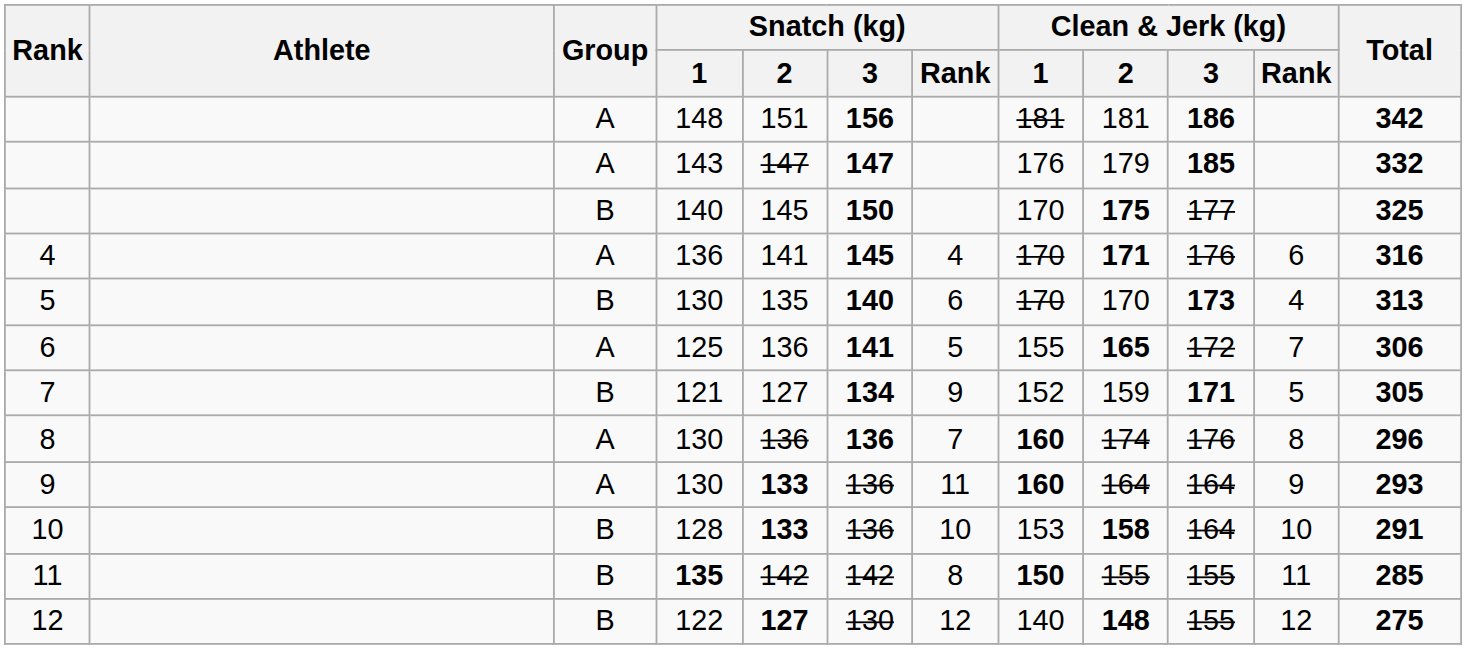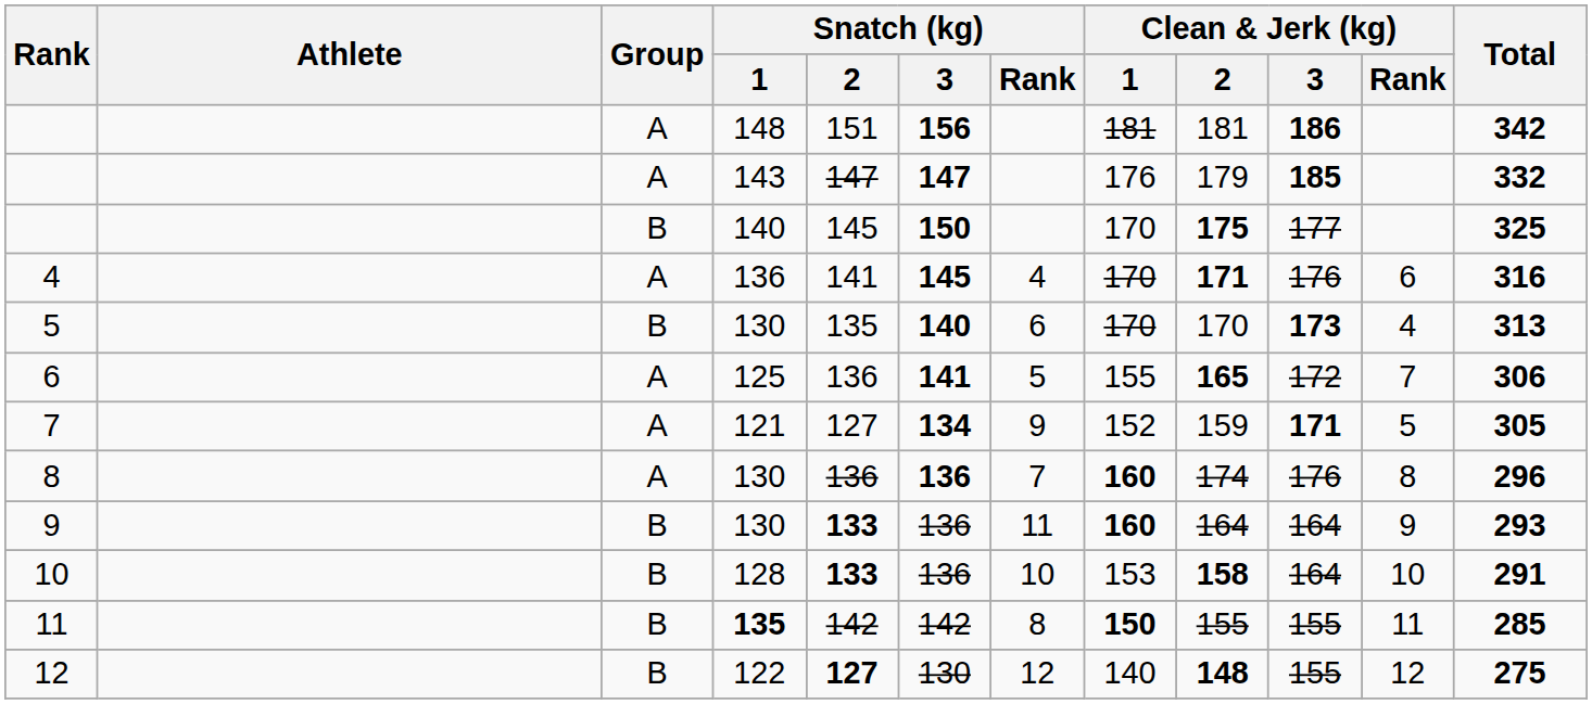 <table class = "wikitable" style="text-align:center;">
 <tr>
 <th rowspan=2 width=40>Rank</th>
 <th rowspan=2 width=250>Athlete</th>
 <th rowspan=2 width=50>Group</th>
 <th colspan=4>Snatch (kg)</th>
 <th colspan=4>Clean & Jerk (kg)</th>
 <th rowspan=2 width=60>Total</th>
 </tr>
 <tr>
 <th width=40>1</th>
 <th width=40>2</th>
 <th width=40>3</th>
 <th width=40>Rank</th>
 <th width=40>1</th>
 <th width=40>2</th>
 <th width=40>3</th>
 <th width=40>Rank</th>
 </tr>
 <tr>
 <td></td>
 <td align=left></td>
 <td>A</td>
 <td>148</td>
 <td>151</td>
 <td><strong>156</strong></td>
 <td></td>
 <td><s>181</s></td>
 <td>181</td>
 <td><strong>186</strong></td>
 <td></td>
 <td><strong>342</strong></td>
 </tr>
 <tr>
 <td></td>
 <td align=left></td>
 <td>A</td>
 <td>143</td>
 <td><s>147</s></td>
 <td><strong>147</strong></td>
 <td></td>
 <td>176</td>
 <td>179</td>
 <td><strong>185</strong></td>
 <td></td>
 <td><strong>332</strong></td>
 </tr>
 <tr>
 <td></td>
 <td align=left></td>
 <td>B</td>
 <td>140</td>
 <td>145</td>
 <td><strong>150</strong></td>
 <td></td>
 <td>170</td>
 <td><strong>175</strong></td>
 <td><s>177</s></td>
 <td></td>
 <td><strong>325</strong></td>
 </tr>
 <tr>
 <td>4</td>
 <td align=left></td>
 <td>A</td>
 <td>136</td>
 <td>141</td>
 <td><strong>145</strong></td>
 <td>4</td>
 <td><s>170</s></td>
 <td><strong>171</strong></td>
 <td><s>176</s></td>
 <td>6</td>
 <td><strong>316</strong></td>
 </tr>
 <tr>
 <td>5</td>
 <td align=left></td>
 <td>B</td>
 <td>130</td>
 <td>135</td>
 <td><strong>140</strong></td>
 <td>6</td>
 <td><s>170</s></td>
 <td>170</td>
 <td><strong>173</strong></td>
 <td>4</td>
 <td><strong>313</strong></td>
 </tr>
 <tr>
 <td>6</td>
 <td align=left></td>
 <td>A</td>
 <td>125</td>
 <td>136</td>
 <td><strong>141</strong></td>
 <td>5</td>
 <td>155</td>
 <td><strong>165</strong></td>
 <td><s>172</s></td>
 <td>7</td>
 <td><strong>306</strong></td>
 </tr>
 <tr>
 <td>7</td>
 <td align=left></td>
-<td>B</td>
+<td>A</td>
 <td>121</td>
 <td>127</td>
 <td><strong>134</strong></td>
 <td>9</td>
 <td>152</td>
 <td>159</td>
 <td><strong>171</strong></td>
 <td>5</td>
 <td><strong>305</strong></td>
 </tr>
 <tr>
 <td>8</td>
 <td align=left></td>
 <td>A</td>
 <td>130</td>
 <td><s>136</s></td>
 <td><strong>136</strong></td>
 <td>7</td>
 <td><strong>160</strong></td>
 <td><s>174</s></td>
 <td><s>176</s></td>
 <td>8</td>
 <td><strong>296</strong></td>
 </tr>
 <tr>
 <td>9</td>
 <td align=left></td>
-<td>A</td>
+<td>B</td>
 <td>130</td>
 <td><strong>133</strong></td>
 <td><s>136</s></td>
 <td>11</td>
 <td><strong>160</strong></td>
 <td><s>164</s></td>
 <td><s>164</s></td>
 <td>9</td>
 <td><strong>293</strong></td>
 </tr>
 <tr>
 <td>10</td>
 <td align=left></td>
 <td>B</td>
 <td>128</td>
 <td><strong>133</strong></td>
 <td><s>136</s></td>
 <td>10</td>
 <td>153</td>
 <td><strong>158</strong></td>
 <td><s>164</s></td>
 <td>10</td>
 <td><strong>291</strong></td>
 </tr>
 <tr>
 <td>11</td>
 <td align=left></td>
 <td>B</td>
 <td><strong>135</strong></td>
 <td><s>142</s></td>
 <td><s>142</s></td>
 <td>8</td>
 <td><strong>150</strong></td>
 <td><s>155</s></td>
 <td><s>155</s></td>
 <td>11</td>
 <td><strong>285</strong></td>
 </tr>
 <tr>
 <td>12</td>
 <td align=left></td>
 <td>B</td>
 <td>122</td>
 <td><strong>127</strong></td>
 <td><s>130</s></td>
 <td>12</td>
 <td>140</td>
 <td><strong>148</strong></td>
 <td><s>155</s></td>
 <td>12</td>
 <td><strong>275</strong></td>
 </tr>
 </table>
